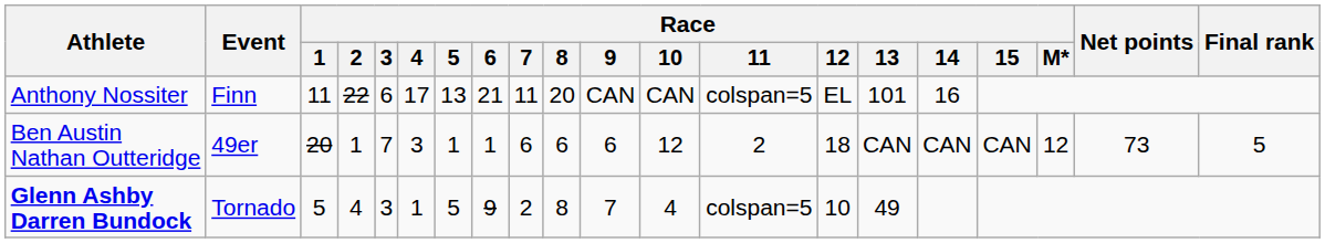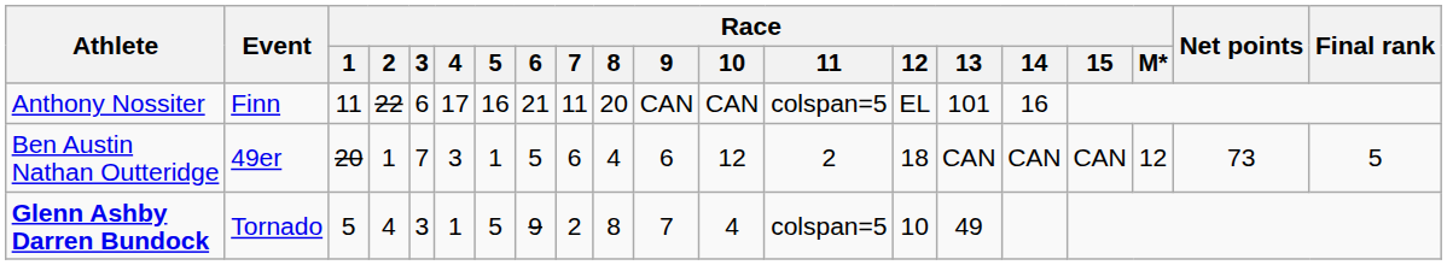 <table class="wikitable" style="font-size:90%">
 <tr>
 <th rowspan=2>Athlete</th>
 <th rowspan=2>Event</th>
 <th colspan=16>Race</th>
 <th rowspan=2>Net points</th>
 <th rowspan=2>Final rank</th>
 </tr>
 <tr style="font-size:95%">
 <th>1</th>
 <th>2</th>
 <th>3</th>
 <th>4</th>
 <th>5</th>
 <th>6</th>
 <th>7</th>
 <th>8</th>
 <th>9</th>
 <th>10</th>
 <th>11</th>
 <th>12</th>
 <th>13</th>
 <th>14</th>
 <th>15</th>
 <th>M*</th>
 </tr>
 <tr align=center>
 <td align=left><a href='#'>Anthony Nossiter</a></td>
 <td align=left><a href='#'>Finn</a></td>
 <td>11</td>
 <td><s>22</s></td>
 <td>6</td>
 <td>17</td>
-<td>13</td>
+<td>16</td>
 <td>21</td>
 <td>11</td>
 <td>20</td>
 <td>CAN</td>
 <td>CAN</td>
 <td>colspan=5 </td>
 <td>EL</td>
 <td>101</td>
 <td>16</td>
 </tr>
 <tr align=center>
 <td align=left><a href='#'>Ben Austin</a><br><a href='#'>Nathan Outteridge</a></td>
 <td align=left><a href='#'>49er</a></td>
 <td><s>20</s></td>
 <td>1</td>
 <td>7</td>
 <td>3</td>
 <td>1</td>
-<td>1</td>
+<td>5</td>
 <td>6</td>
-<td>6</td>
+<td>4</td>
 <td>6</td>
 <td>12</td>
 <td>2</td>
 <td>18</td>
 <td>CAN</td>
 <td>CAN</td>
 <td>CAN</td>
 <td>12</td>
 <td>73</td>
 <td>5</td>
 </tr>
 <tr align=center>
 <td align=left><strong><a href='#'>Glenn Ashby</a><br><a href='#'>Darren Bundock</a></strong></td>
 <td align=left><a href='#'>Tornado</a></td>
 <td>5</td>
 <td>4</td>
 <td>3</td>
 <td>1</td>
 <td>5</td>
 <td><s>9</s></td>
 <td>2</td>
 <td>8</td>
 <td>7</td>
 <td>4</td>
 <td>colspan=5 </td>
 <td>10</td>
 <td>49</td>
 <td></td>
 </tr>
 </table>
